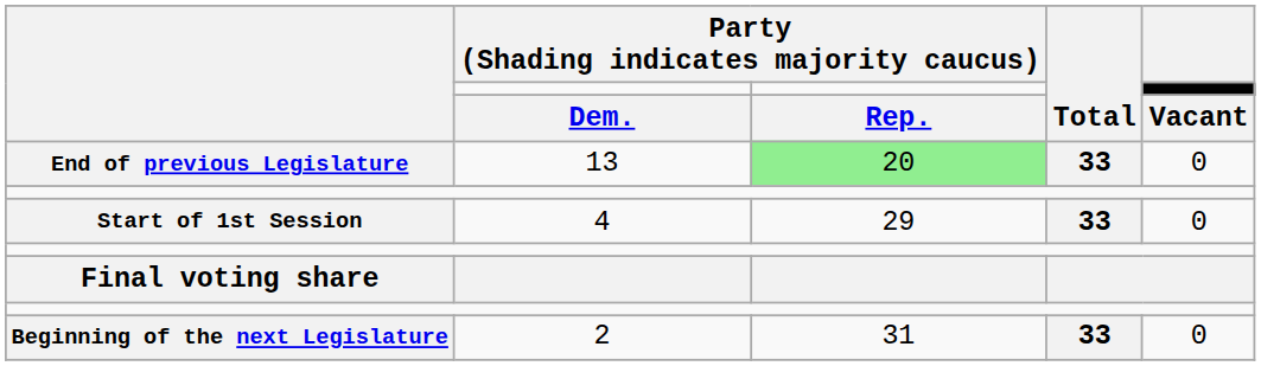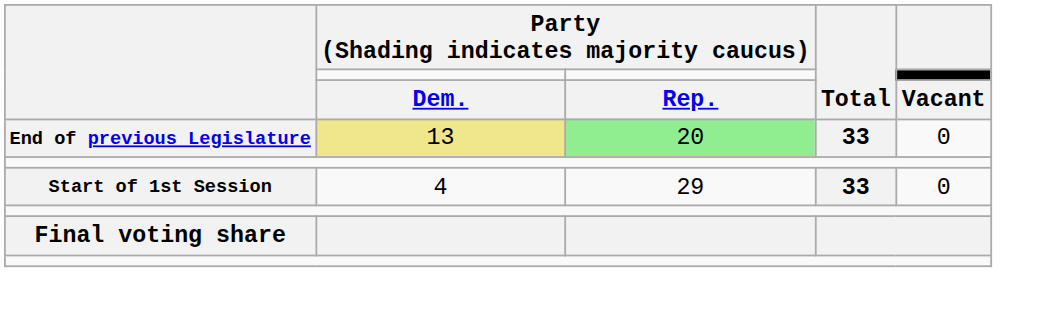 <table class=wikitable style="text-align:center">
 <tr style="vertical-align:bottom;">
 <th rowspan=3></th>
 <th colspan=2>Party <div>(Shading indicates majority caucus)</div></th>
 <th rowspan=3>Total</th>
 <th></th>
 </tr>
 <tr style="height:5px">
 <td style="background-color:"></td>
 <td style="background-color:"></td>
 <td style="background:black;"></td>
 </tr>
 <tr>
 <th><a href='#'>Dem.</a></th>
 <th><a href='#'>Rep.</a></th>
 <th>Vacant</th>
 </tr>
 <tr>
 <th style="font-size:80%;">End of <a href='#'>previous Legislature</a></th>
-<td>13</td>
+<td style="background: khaki;">13</td>
 <td style="background: lightgreen;">20</td>
 <th>33</th>
 <td>0</td>
 </tr>
 <tr>
 <td colspan=5></td>
 </tr>
 <tr>
 <th style="font-size:80%;">Start of 1st Session</th>
 <td>4</td>
 <td>29</td>
 <th>33</th>
 <td>0</td>
 </tr>
 <tr>
 <td colspan=5></td>
 </tr>
 <tr>
 <th>Final voting share</th>
 <th></th>
 <th></th>
 <th colspan=2></th>
 </tr>
 <tr>
 <td colspan=5></td>
 </tr>
-<tr>
-<th style="font-size:80%;">Beginning of the <a href='#'>next Legislature</a></th>
-<td>2</td>
-<td>31</td>
-<th>33</th>
-<td>0</td>
-</tr>
 </table>
